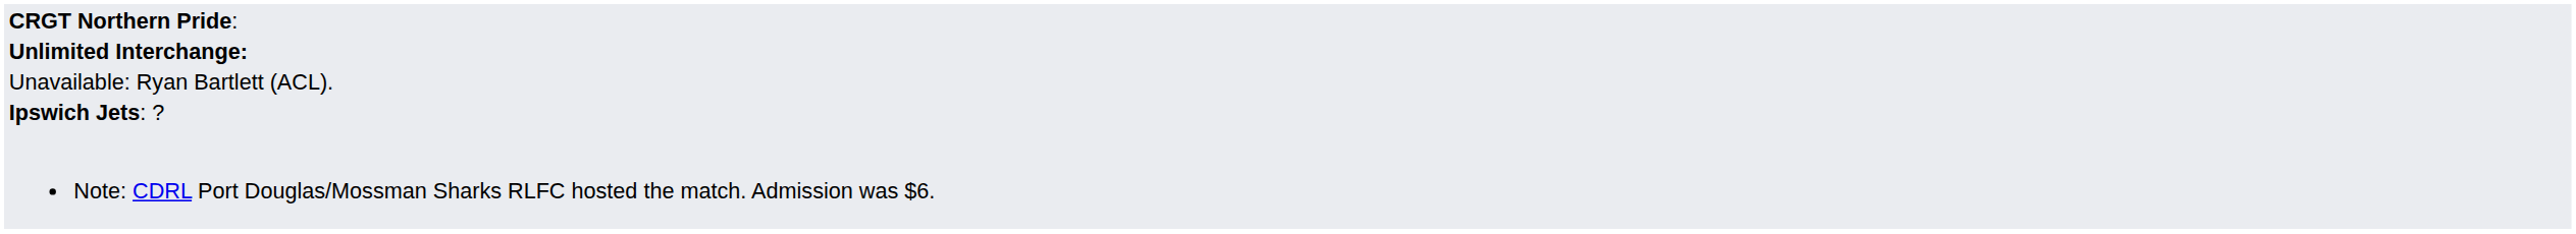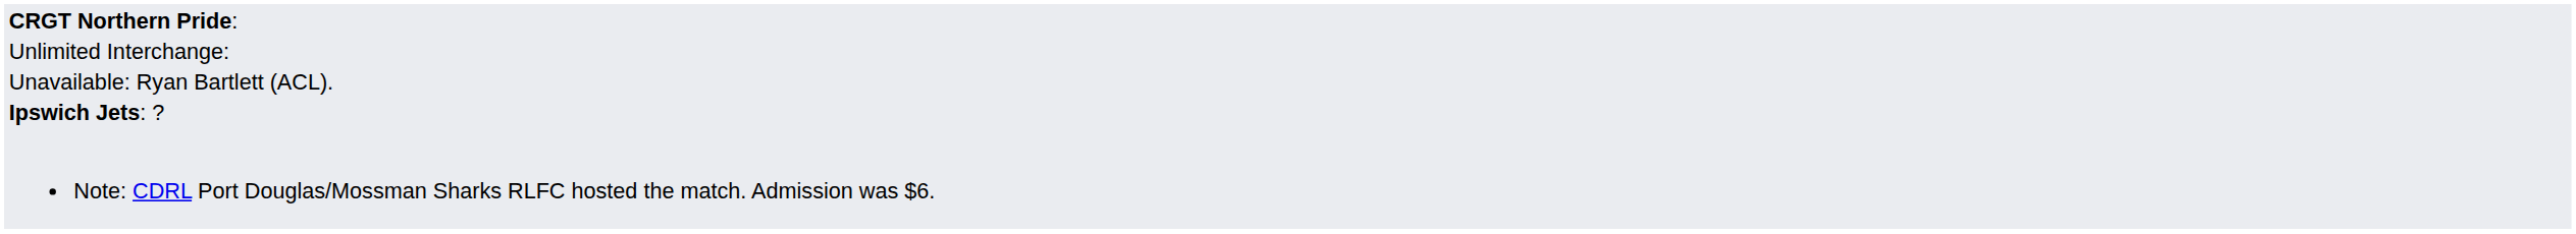 <table style="background:#eaecf0; font-size:85%; width:100%;">
 <tr>
 <td><strong>CRGT Northern Pride</strong>:             </td>
 </tr>
 <tr>
-<td><strong>Unlimited Interchange:     </strong></td>
+<td>Unlimited Interchange:     </td>
 </tr>
 <tr>
 <td>Unavailable: Ryan Bartlett (ACL).</td>
 </tr>
 <tr>
 <td><strong>Ipswich Jets</strong>: ?</td>
 </tr>
 <tr>
 <td><br><ul><li>Note: <a href='#'>CDRL</a> Port Douglas/Mossman Sharks RLFC hosted the match. Admission was $6.</li></ul></td>
 </tr>
 </table>
